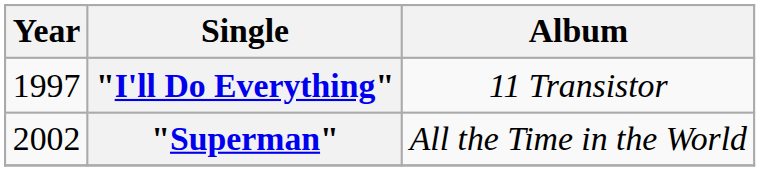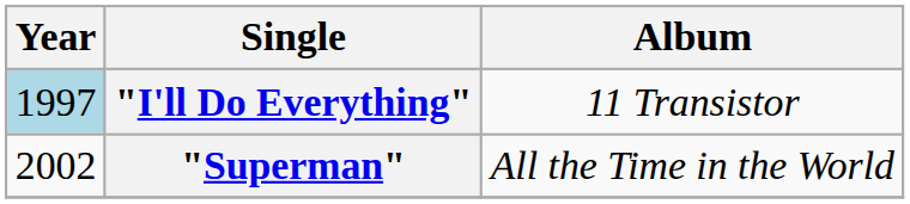 <table class="wikitable plainrowheaders" style="text-align:center;">
 <tr>
 <th scope="col" rowspan="1">Year</th>
 <th scope="col" rowspan="1">Single</th>
 <th scope="col" rowspan="1">Album</th>
 </tr>
 <tr>
-<td rowspan="1">1997</td>
+<td rowspan="1" style="background: lightblue;">1997</td>
 <th scope="row">"<a href='#'>I'll Do Everything</a>"</th>
 <td rowspan="1"><em>11 Transistor</em></td>
 </tr>
 <tr>
 <td rowspan="1">2002</td>
 <th scope="row">"<a href='#'>Superman</a>"</th>
 <td rowspan="1"><em>All the Time in the World</em></td>
 </tr>
 <tr>
 </tr>
 </table>
